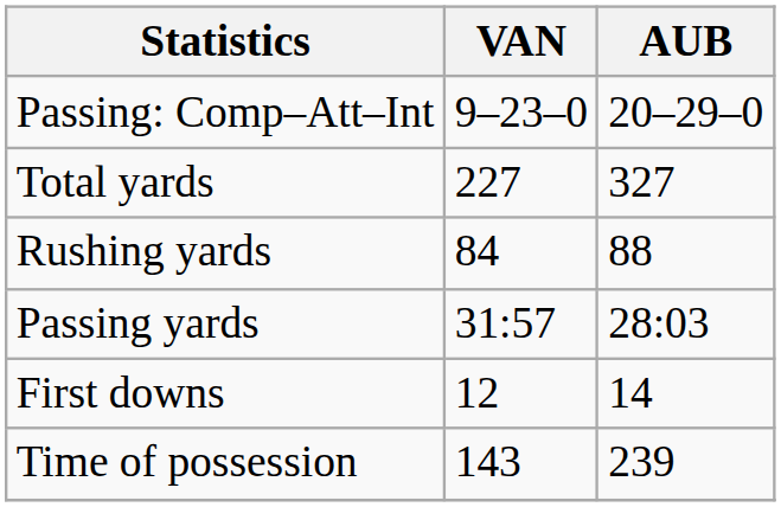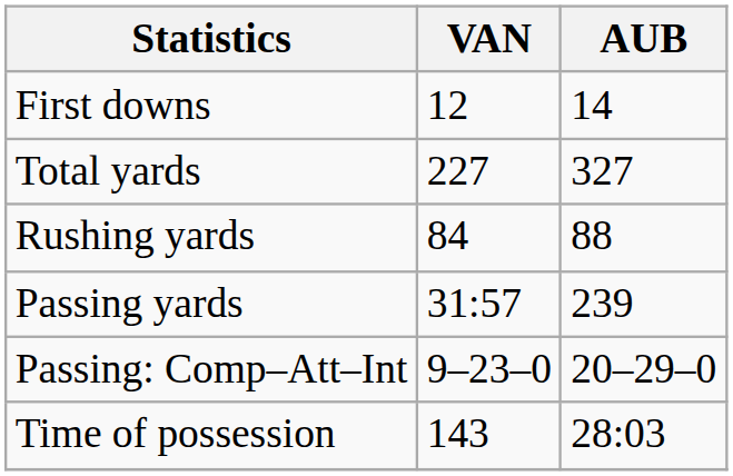 <table class="wikitable" style="float: left;">
 <tr>
 <th>Statistics</th>
 <th>VAN</th>
 <th>AUB</th>
 </tr>
 <tr>
-<td>Passing: Comp–Att–Int</td>
-<td>9–23–0</td>
-<td>20–29–0</td>
+<td>First downs</td>
+<td>12</td>
+<td>14</td>
 </tr>
 <tr>
 <td>Total yards</td>
 <td>227</td>
 <td>327</td>
 </tr>
 <tr>
 <td>Rushing yards</td>
 <td>84</td>
 <td>88</td>
 </tr>
 <tr>
 <td>Passing yards</td>
 <td>31:57</td>
-<td>28:03</td>
+<td>239</td>
 </tr>
 <tr>
-<td>First downs</td>
-<td>12</td>
-<td>14</td>
+<td>Passing: Comp–Att–Int</td>
+<td>9–23–0</td>
+<td>20–29–0</td>
 </tr>
 <tr>
 <td>Time of possession</td>
 <td>143</td>
-<td>239</td>
+<td>28:03</td>
 </tr>
 <tr>
 </tr>
 </table>
